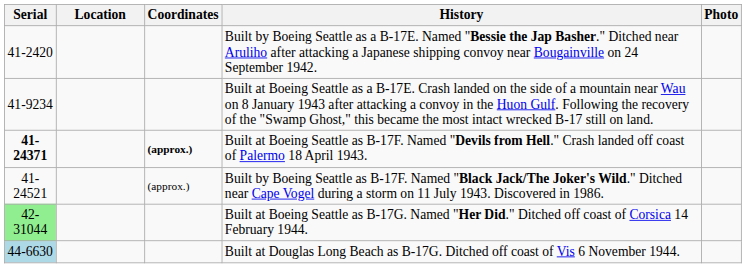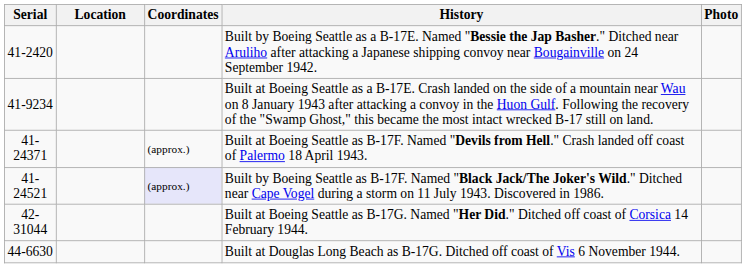 <table class="wikitable sortable">
 <tr>
 <th width="7%">Serial</th>
 <th width="12%">Location</th>
 <th width="10%">Coordinates</th>
 <th class=unsortable>History</th>
 <th class=unsortable>Photo</th>
 </tr>
 <tr>
 <td style="text-align:center;">41-2420</td>
 <td></td>
 <td><small></small></td>
 <td>Built by Boeing Seattle as a B-17E. Named "<strong>Bessie the Jap Basher</strong>."  Ditched near <a href='#'>Aruliho</a> after attacking a Japanese shipping convoy near <a href='#'>Bougainville</a> on 24 September 1942.</td>
 </tr>
 <tr>
 <td style="text-align:center;">41-9234</td>
 <td></td>
 <td><small></small></td>
 <td>Built at Boeing Seattle as a B-17E. Crash landed on the side of a mountain near <a href='#'>Wau</a> on 8 January 1943 after attacking a convoy in the <a href='#'>Huon Gulf</a>.  Following the recovery of the "Swamp Ghost," this became the most intact wrecked B-17 still on land.</td>
 <td></td>
 </tr>
 <tr>
-<td style="text-align:center;"><strong>41-24371</strong></td>
+<td style="text-align:center;">41-24371</td>
 <td></td>
-<td><strong><small> (approx.)</small></strong></td>
+<td><small> (approx.)</small></td>
 <td>Built at Boeing Seattle as B-17F. Named "<strong>Devils from Hell</strong>." Crash landed off coast of <a href='#'>Palermo</a> 18 April 1943.</td>
 </tr>
 <tr>
 <td style="text-align:center;">41-24521</td>
 <td></td>
-<td><small> (approx.)</small></td>
+<td style="background: lavender;"><small> (approx.)</small></td>
 <td>Built by Boeing Seattle as B-17F. Named "<strong>Black Jack/The Joker's Wild</strong>." Ditched near <a href='#'>Cape Vogel</a> during a storm on 11 July 1943. Discovered in 1986.</td>
 <td></td>
 </tr>
 <tr>
-<td style="background: lightgreen; text-align:center;">42-31044</td>
+<td style="text-align:center;">42-31044</td>
 <td></td>
 <td><small></small></td>
 <td>Built at Boeing Seattle as B-17G. Named "<strong>Her Did</strong>." Ditched off coast of <a href='#'>Corsica</a> 14 February 1944.</td>
 <td></td>
 </tr>
 <tr>
-<td style="background: lightblue; text-align:center;">44-6630</td>
+<td style="text-align:center;">44-6630</td>
 <td></td>
 <td><small></small></td>
 <td>Built at Douglas Long Beach as B-17G. Ditched off coast of <a href='#'>Vis</a> 6 November 1944.</td>
 <td></td>
 </tr>
 </table>
